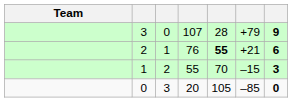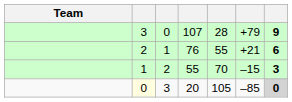 <table class="wikitable" style="text-align:center;">
 <tr>
 <th style="width:10.5em;">Team</th>
 <th style="width:1.5em;"></th>
 <th style="width:1.5em;"></th>
 <th style="width:2.0em;"></th>
 <th style="width:2.0em;"></th>
 <th style="width:2.0em;"></th>
 <th style="width:1.5em;"></th>
 </tr>
 <tr bgcolor=#cfc>
 <td align="left"></td>
 <td>3</td>
 <td>0</td>
 <td>107</td>
 <td>28</td>
 <td>+79</td>
 <td><strong>9</strong></td>
 </tr>
 <tr bgcolor=#cfc>
 <td align="left"></td>
 <td>2</td>
 <td>1</td>
 <td>76</td>
-<td><strong>55</strong></td>
+<td>55</td>
 <td>+21</td>
 <td><strong>6</strong></td>
 </tr>
 <tr bgcolor=#cfc>
 <td align="left"></td>
 <td>1</td>
 <td>2</td>
 <td>55</td>
 <td>70</td>
 <td>–15</td>
 <td><strong>3</strong></td>
 </tr>
 <tr>
 <td align="left"></td>
-<td>0</td>
+<td style="background: lightyellow;">0</td>
 <td>3</td>
 <td>20</td>
 <td>105</td>
 <td>–85</td>
-<td><strong>0</strong></td>
+<td style="background: lightgrey;"><strong>0</strong></td>
 </tr>
 </table>
